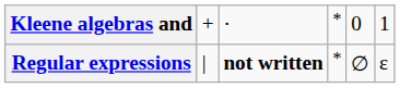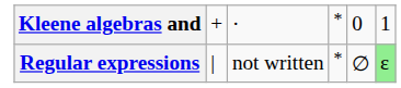 <table class="wikitable" style="float:right">
 <tr>
 <th><a href='#'>Kleene algebras</a> and</th>
 <td>+</td>
 <td>·</td>
 <td><sup>*</sup></td>
 <td>0</td>
 <td>1</td>
 </tr>
 <tr>
 <th><a href='#'>Regular expressions</a></th>
 <td>|</td>
-<td><strong>not written</strong></td>
+<td>not written</td>
 <td><sup>*</sup></td>
 <td>∅</td>
-<td>ε</td>
+<td style="background: lightgreen;">ε</td>
 </tr>
 </table>
